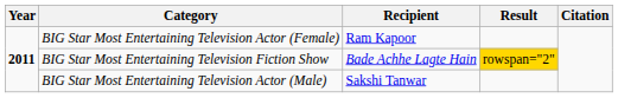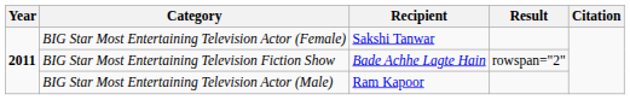 <table class="wikitable">
 <tr>
 <th>Year</th>
 <th>Category</th>
 <th>Recipient</th>
 <th>Result</th>
 <th>Citation</th>
 </tr>
 <tr>
 <td rowspan="3"><strong>2011</strong></td>
 <td><em>BIG Star Most Entertaining Television Actor (Female)</em></td>
-<td><a href='#'>Ram Kapoor</a></td>
+<td><a href='#'>Sakshi Tanwar</a></td>
 <td></td>
 <td rowspan="3"></td>
 </tr>
 <tr>
 <td><em>BIG Star Most Entertaining Television Fiction Show</em></td>
 <td><em><a href='#'>Bade Achhe Lagte Hain</a></em></td>
-<td style="background: gold;">rowspan="2" </td>
+<td>rowspan="2" </td>
 </tr>
 <tr>
 <td><em>BIG Star Most Entertaining Television Actor (Male)</em></td>
-<td><a href='#'>Sakshi Tanwar</a></td>
+<td><a href='#'>Ram Kapoor</a></td>
 </tr>
 </table>
